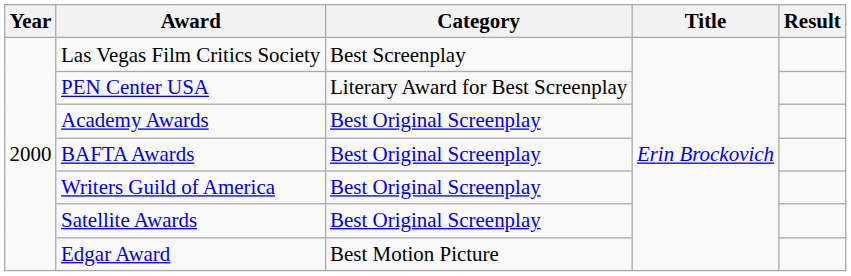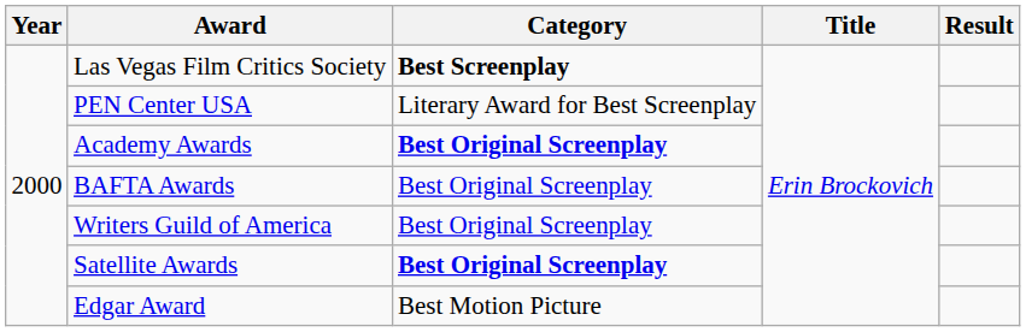 <table class="wikitable">
 <tr>
 <th>Year</th>
 <th>Award</th>
 <th>Category</th>
 <th>Title</th>
 <th>Result</th>
 </tr>
 <tr>
 <td rowspan=7>2000</td>
 <td>Las Vegas Film Critics Society</td>
-<td>Best Screenplay</td>
+<td><strong>Best Screenplay</strong></td>
 <td rowspan=7><em><a href='#'>Erin Brockovich</a></em></td>
 <td></td>
 </tr>
 <tr>
 <td><a href='#'>PEN Center USA</a></td>
 <td>Literary Award for Best Screenplay</td>
 <td></td>
 </tr>
 <tr>
 <td><a href='#'>Academy Awards</a></td>
-<td><a href='#'>Best Original Screenplay</a></td>
+<td><strong><a href='#'>Best Original Screenplay</a></strong></td>
 <td></td>
 </tr>
 <tr>
 <td><a href='#'>BAFTA Awards</a></td>
 <td><a href='#'>Best Original Screenplay</a></td>
 <td></td>
 </tr>
 <tr>
 <td><a href='#'>Writers Guild of America</a></td>
 <td><a href='#'>Best Original Screenplay</a></td>
 <td></td>
 </tr>
 <tr>
 <td><a href='#'>Satellite Awards</a></td>
-<td><a href='#'>Best Original Screenplay</a></td>
+<td><strong><a href='#'>Best Original Screenplay</a></strong></td>
 <td></td>
 </tr>
 <tr>
 <td><a href='#'>Edgar Award</a></td>
 <td>Best Motion Picture</td>
 <td></td>
 </tr>
 </table>
